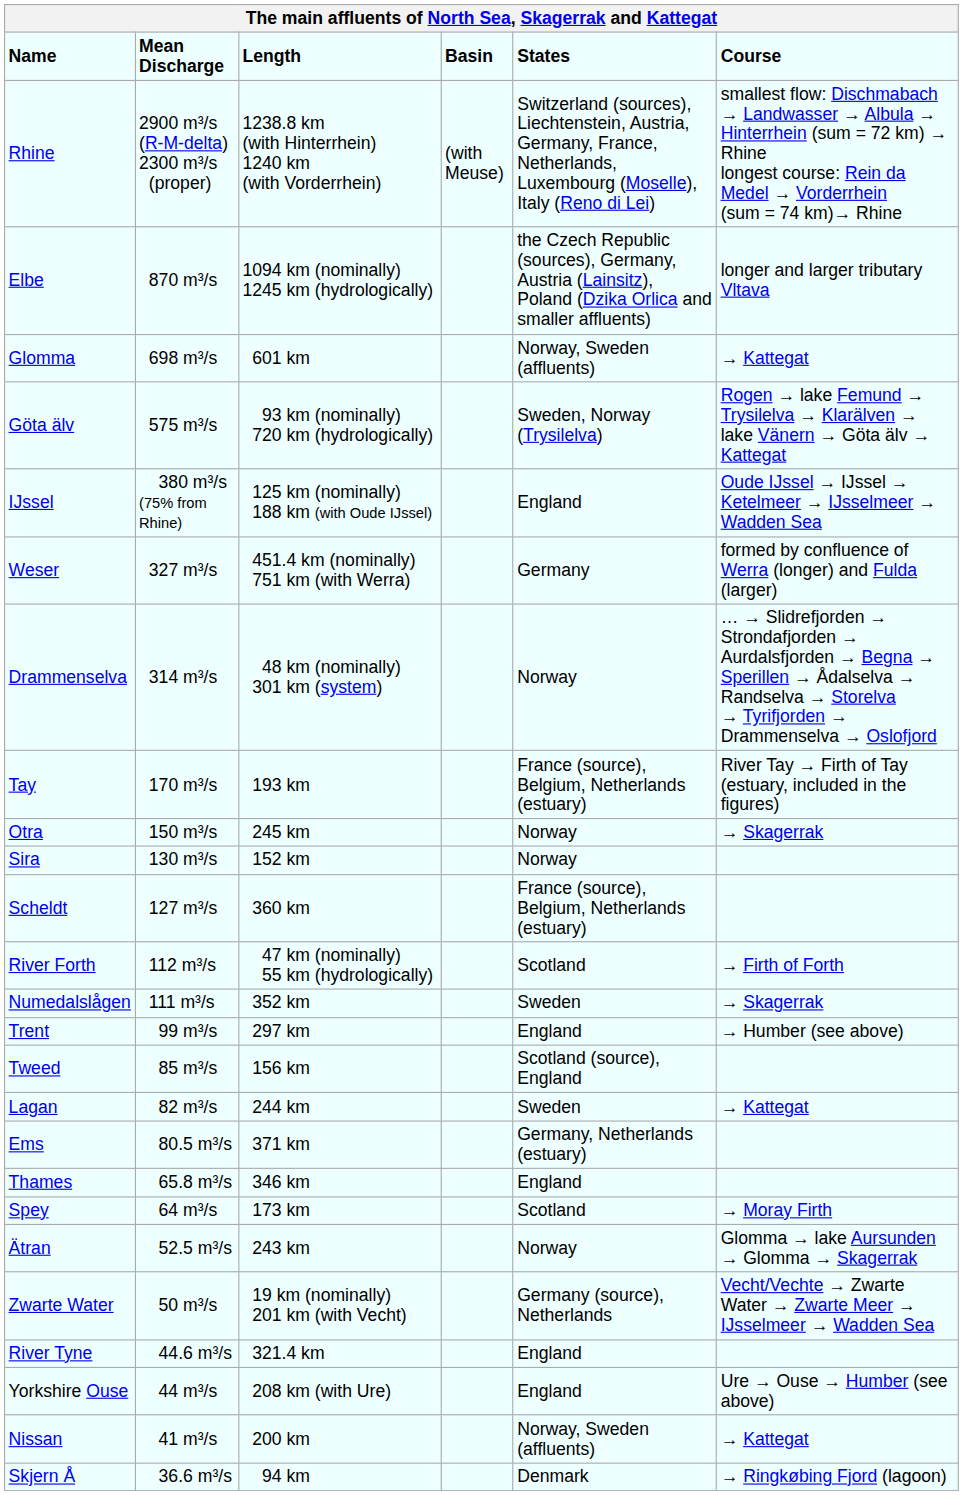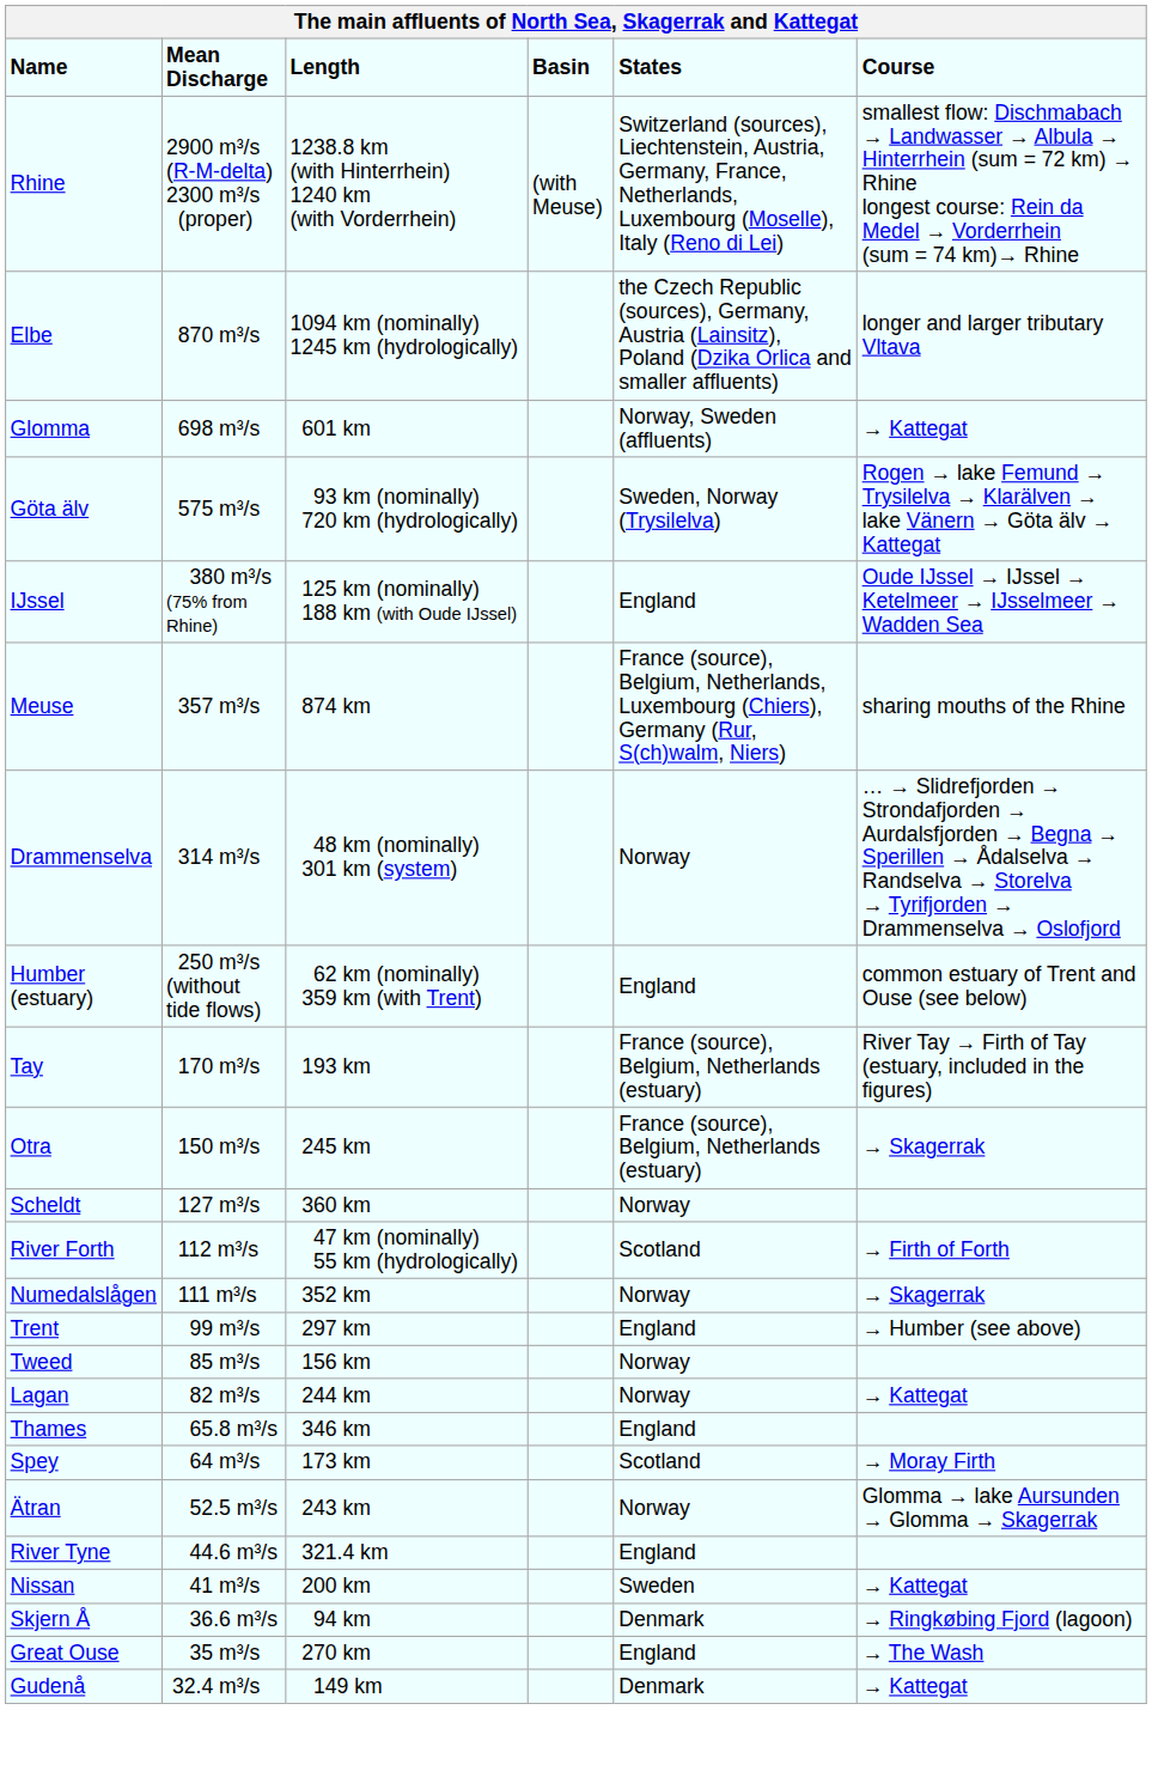 <table class="wikitable" style="padding:6px; spacing:6px; background:#eff;">
 <tr>
 <th style="text-align:center;" colspan="6">The main affluents of <a href='#'>North Sea</a>, <a href='#'>Skagerrak</a> and <a href='#'>Kattegat</a></th>
 </tr>
 <tr>
 <td><strong>Name</strong></td>
 <td><strong>Mean<br>Discharge</strong></td>
 <td><strong>Length</strong></td>
 <td><strong>Basin</strong></td>
 <td><strong>States</strong></td>
 <td><strong>Course</strong></td>
 </tr>
 <tr>
 <td><a href='#'>Rhine</a></td>
 <td>2900 m³/s<br>(<a href='#'>R-M-delta</a>)<br>2300 m³/s   (proper)  </td>
 <td>1238.8 km (with Hinterrhein)<br>1240 km (with Vorderrhein)</td>
 <td><br>(with Meuse)</td>
 <td>Switzerland (sources), Liechtenstein, Austria, Germany, France, Netherlands,<br>Luxembourg (<a href='#'>Moselle</a>), Italy (<a href='#'>Reno di Lei</a>)</td>
 <td>smallest flow: <a href='#'>Dischmabach</a> → <a href='#'>Landwasser</a> → <a href='#'>Albula</a> → <a href='#'>Hinterrhein</a> (sum = 72 km) → Rhine<br>longest course: <a href='#'>Rein da Medel</a> → <a href='#'>Vorderrhein</a> (sum = 74 km)→ Rhine</td>
 </tr>
 <tr>
 <td><a href='#'>Elbe</a></td>
 <td>  870 m³/s</td>
 <td>1094 km (nominally)<br> 1245 km (hydrologically)</td>
 <td></td>
 <td>the Czech Republic (sources), Germany, Austria (<a href='#'>Lainsitz</a>), Poland (<a href='#'>Dzika Orlica</a> and smaller affluents)</td>
 <td>longer and larger tributary <a href='#'>Vltava</a></td>
 </tr>
 <tr>
 <td><a href='#'>Glomma</a></td>
 <td>  698 m³/s</td>
 <td>  601 km</td>
 <td>  </td>
 <td>Norway, Sweden (affluents)</td>
 <td>→ <a href='#'>Kattegat</a></td>
 </tr>
 <tr>
 <td><a href='#'>Göta älv</a></td>
 <td>  575 m³/s</td>
 <td>    93 km (nominally)<br>   720 km (hydrologically)</td>
 <td>  </td>
 <td>Sweden, Norway (<a href='#'>Trysilelva</a>)</td>
 <td><a href='#'>Rogen</a> → lake <a href='#'>Femund</a> → <a href='#'>Trysilelva</a> → <a href='#'>Klarälven</a> → lake <a href='#'>Vänern</a> → Göta älv → <a href='#'>Kattegat</a></td>
 </tr>
 <tr>
 <td><a href='#'>IJssel</a></td>
 <td>    380 m³/s <br><small>(75% from Rhine)</small></td>
 <td>  125 km (nominally) <br>    188 km <small>(with Oude IJssel)</small></td>
 <td>  </td>
 <td>England</td>
 <td><a href='#'>Oude IJssel</a> → IJssel → <a href='#'>Ketelmeer</a> → <a href='#'>IJsselmeer</a> → <a href='#'>Wadden Sea</a></td>
 </tr>
 <tr>
-<td><a href='#'>Weser</a></td>
-<td>  327 m³/s</td>
-<td>  451.4 km (nominally) <br>   751 km (with Werra)</td>
+<td><a href='#'>Meuse</a></td>
+<td>  357 m³/s</td>
+<td>  874 km</td>
 <td>  </td>
-<td>Germany</td>
-<td>formed by confluence of <a href='#'>Werra</a> (longer) and <a href='#'>Fulda</a> (larger)</td>
+<td>France (source), Belgium, Netherlands,<br>Luxembourg (<a href='#'>Chiers</a>), Germany (<a href='#'>Rur</a>, <a href='#'>S(ch)walm</a>, <a href='#'>Niers</a>)</td>
+<td>sharing mouths of the Rhine</td>
 </tr>
 <tr>
 <td><a href='#'>Drammenselva</a></td>
 <td>  314 m³/s</td>
 <td>    48 km (nominally)<br>   301 km (<a href='#'>system</a>)</td>
 <td>  </td>
 <td>Norway</td>
 <td>… → Slidrefjorden → Strondafjorden → Aurdalsfjorden → <a href='#'>Begna</a> → <a href='#'>Sperillen</a> → Ådalselva → Randselva → <a href='#'>Storelva</a><br>→ <a href='#'>Tyrifjorden</a> → Drammenselva → <a href='#'>Oslofjord</a></td>
+</tr>
+<tr>
+<td><a href='#'>Humber</a><br>(estuary)</td>
+<td>  250 m³/s <br>(without tide flows)</td>
+<td>    62 km (nominally)<br>   359 km (with <a href='#'>Trent</a>)</td>
+<td>  </td>
+<td>England</td>
+<td>common estuary of Trent and Ouse (see below)</td>
 </tr>
 <tr>
 <td><a href='#'>Tay</a></td>
 <td>  170 m³/s</td>
 <td>  193 km</td>
 <td>  </td>
 <td>France (source), Belgium, Netherlands (estuary)</td>
 <td>River Tay → Firth of Tay (estuary, included in the figures)</td>
 </tr>
 <tr>
 <td><a href='#'>Otra</a></td>
 <td>  150 m³/s</td>
 <td>  245 km</td>
 <td>  </td>
-<td>Norway</td>
+<td>France (source), Belgium, Netherlands (estuary)</td>
 <td>→ <a href='#'>Skagerrak</a></td>
-</tr>
-<tr>
-<td><a href='#'>Sira</a></td>
-<td>  130 m³/s</td>
-<td>  152 km</td>
-<td>  </td>
-<td>Norway</td>
-<td></td>
 </tr>
 <tr>
 <td><a href='#'>Scheldt</a></td>
 <td>  127 m³/s</td>
 <td>  360 km</td>
 <td>  </td>
-<td>France (source), Belgium, Netherlands (estuary)</td>
+<td>Norway</td>
 <td></td>
 </tr>
 <tr>
 <td><a href='#'>River Forth</a></td>
 <td>  112 m³/s</td>
 <td>    47 km (nominally)<br>     55 km (hydrologically)</td>
 <td>  </td>
 <td>Scotland</td>
 <td>→ <a href='#'>Firth of Forth</a></td>
 </tr>
 <tr>
 <td><a href='#'>Numedalslågen</a></td>
 <td>  111 m³/s</td>
 <td>  352 km</td>
 <td>  </td>
-<td>Sweden</td>
+<td>Norway</td>
 <td>→ <a href='#'>Skagerrak</a></td>
 </tr>
 <tr>
 <td><a href='#'>Trent</a></td>
 <td>    99 m³/s</td>
 <td>  297 km</td>
 <td>  </td>
 <td>England</td>
 <td>→ Humber (see above)</td>
 </tr>
 <tr>
 <td><a href='#'>Tweed</a></td>
 <td>    85 m³/s</td>
 <td>  156 km</td>
 <td>  </td>
-<td>Scotland (source), England</td>
+<td>Norway</td>
 <td></td>
 </tr>
 <tr>
 <td><a href='#'>Lagan</a></td>
 <td>    82 m³/s</td>
 <td>  244 km</td>
 <td>  </td>
-<td>Sweden</td>
+<td>Norway</td>
 <td>→ <a href='#'>Kattegat</a></td>
-</tr>
-<tr>
-<td><a href='#'>Ems</a></td>
-<td>    80.5 m³/s</td>
-<td>  371 km</td>
-<td>  </td>
-<td>Germany, Netherlands (estuary)</td>
-<td></td>
 </tr>
 <tr>
 <td><a href='#'>Thames</a></td>
 <td>    65.8 m³/s</td>
 <td>  346 km</td>
 <td>  </td>
 <td>England</td>
 <td></td>
 </tr>
 <tr>
 <td><a href='#'>Spey</a></td>
 <td>    64 m³/s</td>
 <td>  173 km</td>
 <td>  </td>
 <td>Scotland</td>
 <td>→ <a href='#'>Moray Firth</a></td>
 </tr>
 <tr>
 <td><a href='#'>Ätran</a></td>
 <td>    52.5 m³/s</td>
 <td>  243 km</td>
 <td>  </td>
 <td>Norway</td>
 <td>Glomma → lake <a href='#'>Aursunden</a> → Glomma → <a href='#'>Skagerrak</a></td>
 </tr>
 <tr>
-<td><a href='#'>Zwarte Water</a></td>
-<td>    50 m³/s</td>
-<td>  19 km (nominally)<br>  201 km (with Vecht)</td>
-<td>  </td>
-<td>Germany (source), Netherlands</td>
-<td><a href='#'>Vecht/Vechte</a> → Zwarte Water → <a href='#'>Zwarte Meer</a> → <a href='#'>IJsselmeer</a> → <a href='#'>Wadden Sea</a></td>
-</tr>
-<tr>
 <td><a href='#'>River Tyne</a></td>
 <td>    44.6 m³/s</td>
 <td>  321.4 km</td>
 <td>  </td>
 <td>England</td>
 <td></td>
 </tr>
 <tr>
-<td>Yorkshire <a href='#'>Ouse</a></td>
-<td>    44 m³/s</td>
-<td>  208 km (with Ure)</td>
-<td>  </td>
-<td>England</td>
-<td>Ure → Ouse → <a href='#'>Humber</a> (see above)</td>
-</tr>
-<tr>
 <td><a href='#'>Nissan</a></td>
 <td>    41 m³/s</td>
 <td>  200 km</td>
 <td>  </td>
-<td>Norway, Sweden (affluents)</td>
+<td>Sweden</td>
 <td>→ <a href='#'>Kattegat</a></td>
 </tr>
 <tr>
 <td><a href='#'>Skjern Å</a></td>
 <td>    36.6 m³/s</td>
 <td>    94 km</td>
 <td>  </td>
 <td>Denmark</td>
 <td>→ <a href='#'>Ringkøbing Fjord</a> (lagoon)</td>
 </tr>
+<tr>
+<td><a href='#'>Great&nbsp;Ouse</a></td>
+<td>    35 m³/s</td>
+<td>  270 km</td>
+<td>  </td>
+<td>England</td>
+<td>→  <a href='#'>The Wash</a></td>
+</tr>
+<tr>
+<td><a href='#'>Gudenå</a></td>
+<td> 32.4 m³/s</td>
+<td>    149 km</td>
+<td> </td>
+<td>Denmark</td>
+<td>→ <a href='#'>Kattegat</a></td>
+</tr>
 </table>
